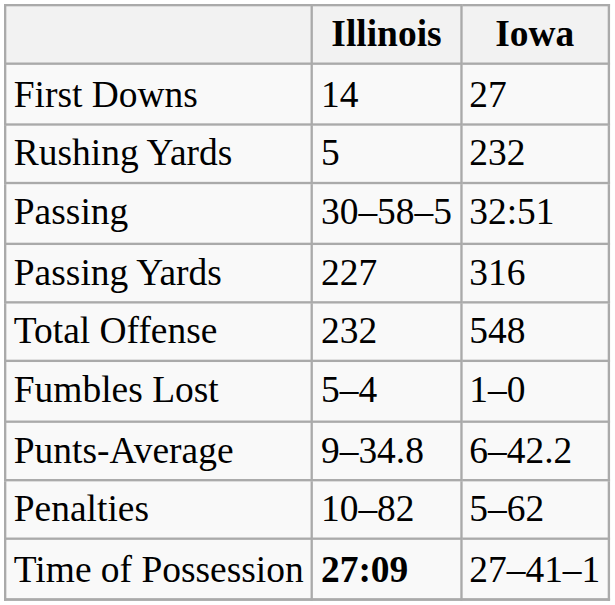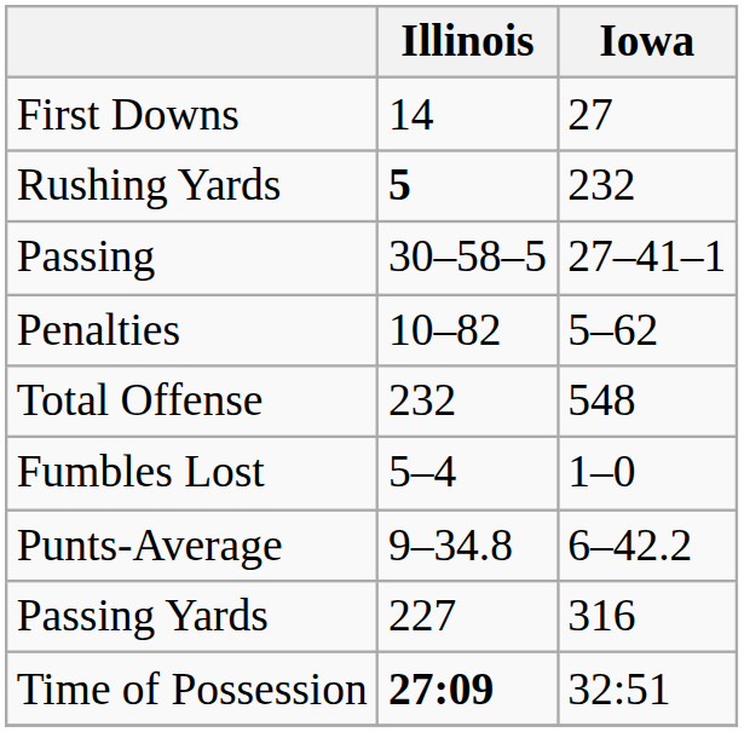 <table class="wikitable">
 <tr>
 <th></th>
 <th>Illinois</th>
 <th>Iowa</th>
 </tr>
 <tr>
 <td>First Downs</td>
 <td>14</td>
 <td>27</td>
 </tr>
 <tr>
 <td>Rushing Yards</td>
-<td>5</td>
+<td><strong>5</strong></td>
 <td>232</td>
 </tr>
 <tr>
 <td>Passing</td>
 <td>30–58–5</td>
-<td>32:51</td>
+<td>27–41–1</td>
 </tr>
 <tr>
-<td>Passing Yards</td>
-<td>227</td>
-<td>316</td>
+<td>Penalties</td>
+<td>10–82</td>
+<td>5–62</td>
 </tr>
 <tr>
 <td>Total Offense</td>
 <td>232</td>
 <td>548</td>
 </tr>
 <tr>
 <td>Fumbles Lost</td>
 <td>5–4</td>
 <td>1–0</td>
 </tr>
 <tr>
 <td>Punts-Average</td>
 <td>9–34.8</td>
 <td>6–42.2</td>
 </tr>
 <tr>
-<td>Penalties</td>
-<td>10–82</td>
-<td>5–62</td>
+<td>Passing Yards</td>
+<td>227</td>
+<td>316</td>
 </tr>
 <tr>
 <td>Time of Possession</td>
 <td><strong>27:09</strong></td>
-<td>27–41–1</td>
+<td>32:51</td>
 </tr>
 <tr>
 </tr>
 </table>
